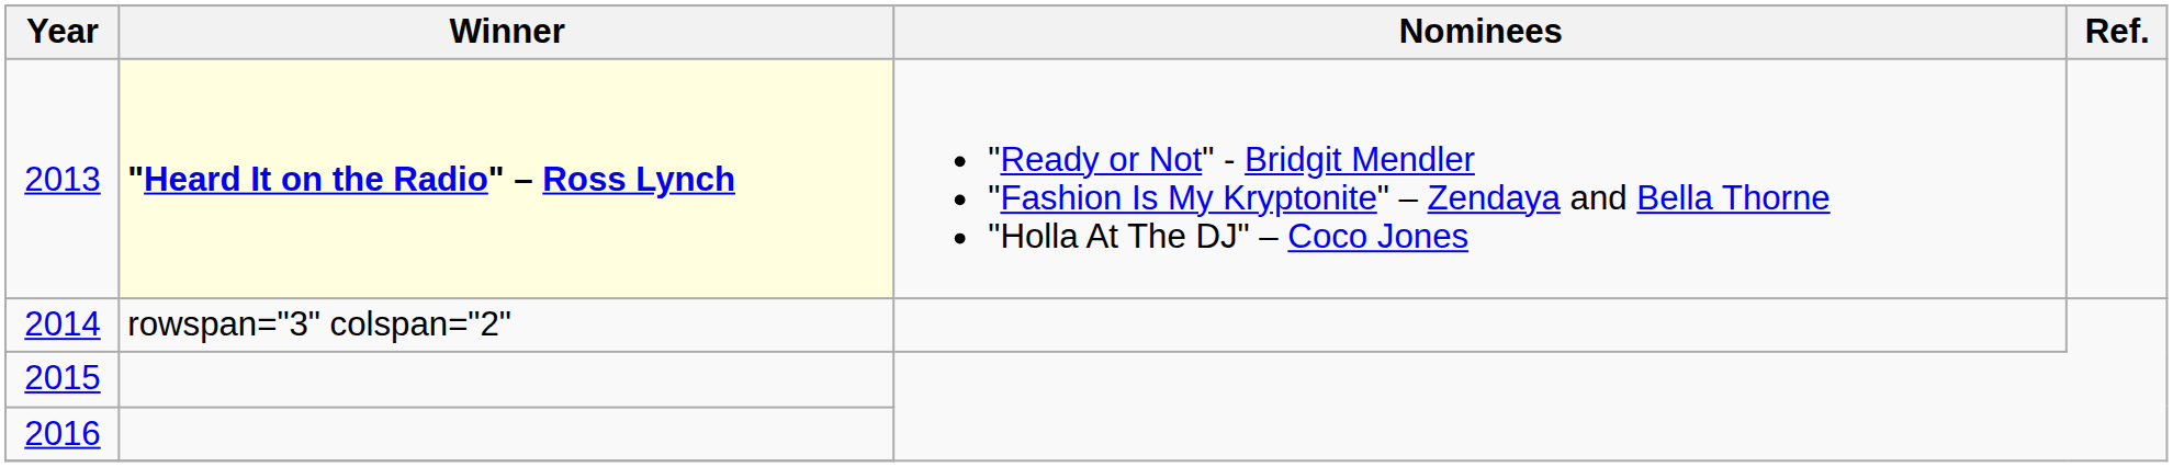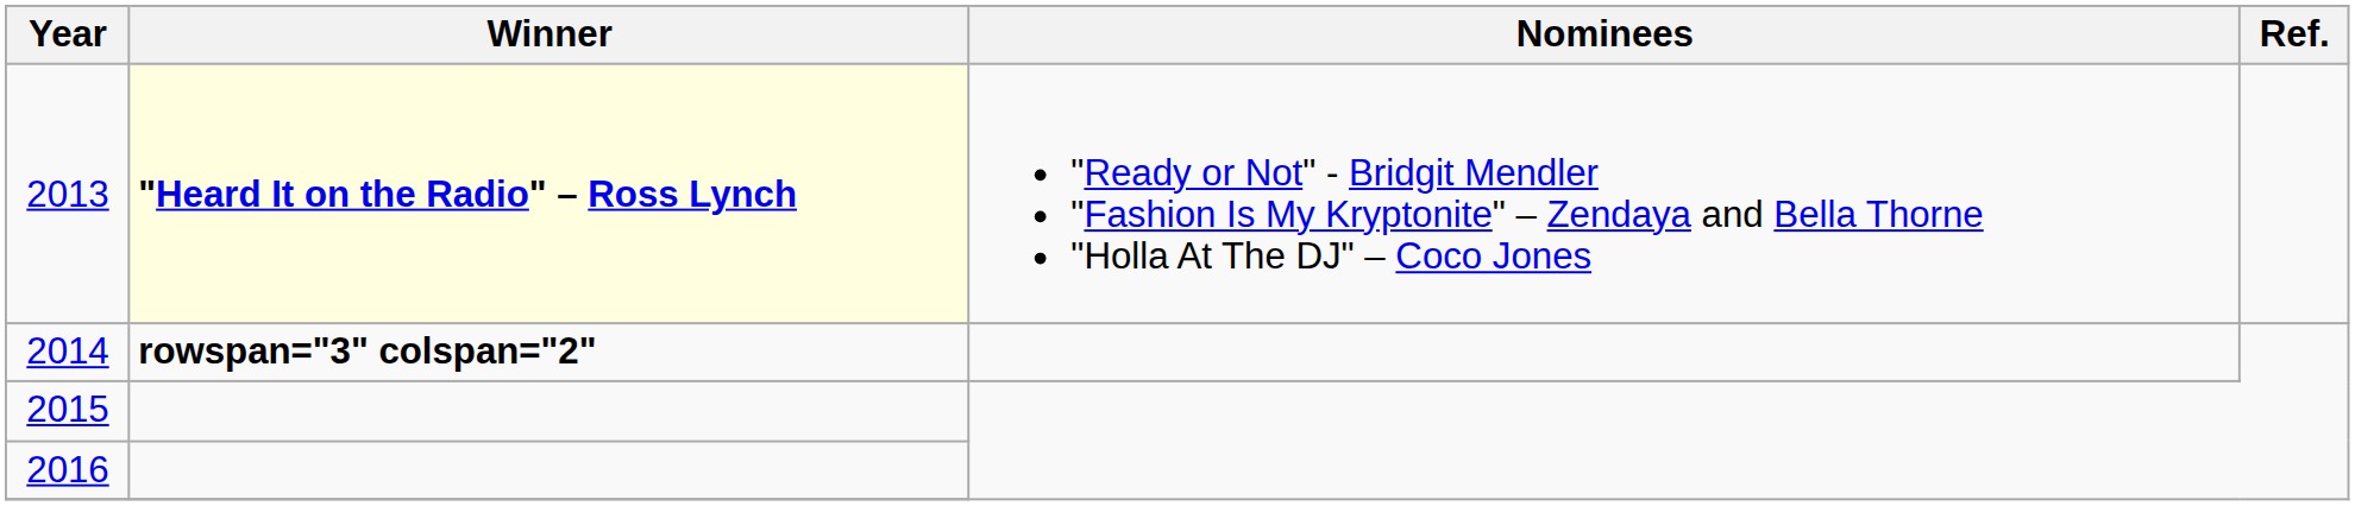 <table class="wikitable" width=80%>
 <tr>
 <th>Year</th>
 <th>Winner</th>
 <th>Nominees</th>
 <th>Ref.</th>
 </tr>
 <tr>
 <td align="center"><a href='#'>2013</a></td>
 <td style="background: lightyellow;"><strong>"<a href='#'>Heard It on the Radio</a>" – <a href='#'>Ross Lynch</a></strong></td>
 <td><br><ul><li>"<a href='#'>Ready or Not</a>" - <a href='#'>Bridgit Mendler</a></li><li>"<a href='#'>Fashion Is My Kryptonite</a>" – <a href='#'>Zendaya</a> and <a href='#'>Bella Thorne</a></li><li>"Holla At The DJ" – <a href='#'>Coco Jones</a></li></ul></td>
 <td align="center"></td>
 </tr>
 <tr>
 <td align="center"><a href='#'>2014</a></td>
-<td>rowspan="3" colspan="2" </td>
+<td><strong>rowspan="3" colspan="2" </strong></td>
 <td align="center"></td>
 </tr>
 <tr>
 <td align="center"><a href='#'>2015</a></td>
 <td align="center"></td>
 </tr>
 <tr>
 <td align="center"><a href='#'>2016</a></td>
 <td align="center"></td>
 </tr>
 <tr>
 </tr>
 </table>
